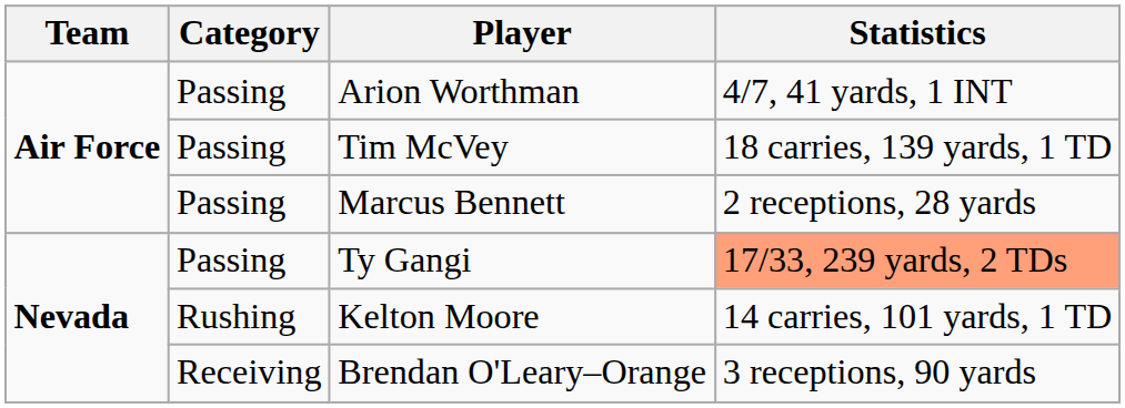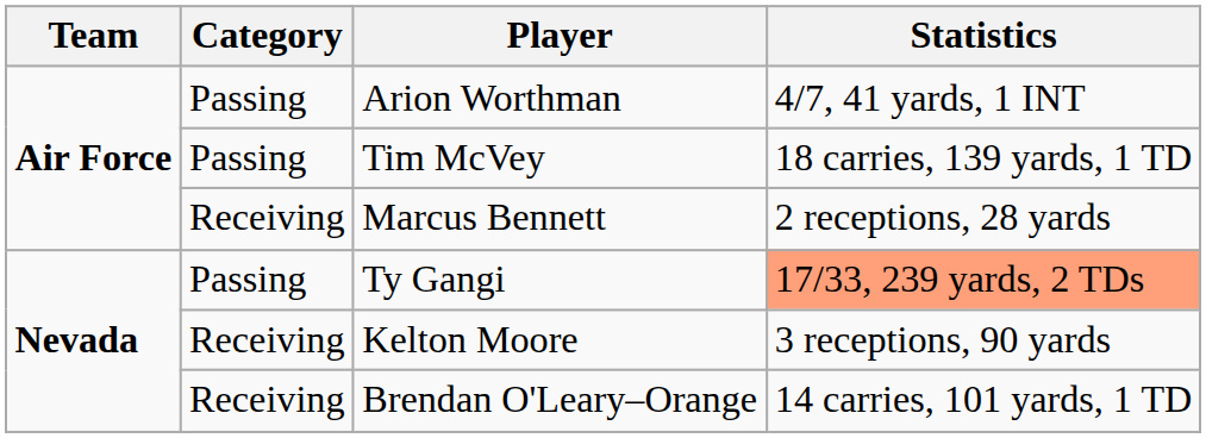 <table class="wikitable" style="float: left;">
 <tr>
 <th>Team</th>
 <th>Category</th>
 <th>Player</th>
 <th>Statistics</th>
 </tr>
 <tr>
 <td rowspan=3><strong>Air Force</strong></td>
 <td>Passing</td>
 <td>Arion Worthman</td>
 <td>4/7, 41 yards, 1 INT</td>
 </tr>
 <tr>
 <td>Passing</td>
 <td>Tim McVey</td>
 <td>18 carries, 139 yards, 1 TD</td>
 </tr>
 <tr>
-<td>Passing</td>
+<td>Receiving</td>
 <td>Marcus Bennett</td>
 <td>2 receptions, 28 yards</td>
 </tr>
 <tr>
 <td rowspan=3><strong>Nevada</strong></td>
 <td>Passing</td>
 <td>Ty Gangi</td>
 <td style="background: lightsalmon;">17/33, 239 yards, 2 TDs</td>
 </tr>
 <tr>
-<td>Rushing</td>
+<td>Receiving</td>
 <td>Kelton Moore</td>
-<td>14 carries, 101 yards, 1 TD</td>
+<td>3 receptions, 90 yards</td>
 </tr>
 <tr>
 <td>Receiving</td>
 <td>Brendan O'Leary–Orange</td>
-<td>3 receptions, 90 yards</td>
+<td>14 carries, 101 yards, 1 TD</td>
 </tr>
 </table>
